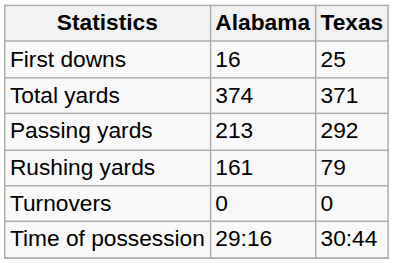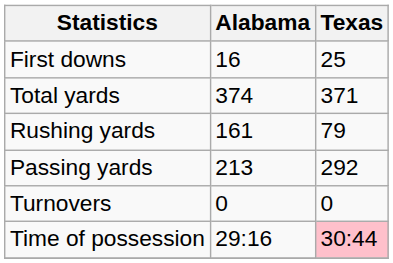 <table class="wikitable" style="float: left;">
 <tr>
 <th>Statistics</th>
 <th>Alabama</th>
 <th>Texas</th>
 </tr>
 <tr>
 <td>First downs</td>
 <td>16</td>
 <td>25</td>
 </tr>
 <tr>
 <td>Total yards</td>
 <td>374</td>
 <td>371</td>
 </tr>
 <tr>
+<td>Rushing yards</td>
+<td>161</td>
+<td>79</td>
+</tr>
+<tr>
 <td>Passing yards</td>
 <td>213</td>
 <td>292</td>
-</tr>
-<tr>
-<td>Rushing yards</td>
-<td>161</td>
-<td>79</td>
 </tr>
 <tr>
 <td>Turnovers</td>
 <td>0</td>
 <td>0</td>
 </tr>
 <tr>
 <td>Time of possession</td>
 <td>29:16</td>
-<td>30:44</td>
+<td style="background: pink;">30:44</td>
 </tr>
 <tr>
 </tr>
 </table>
